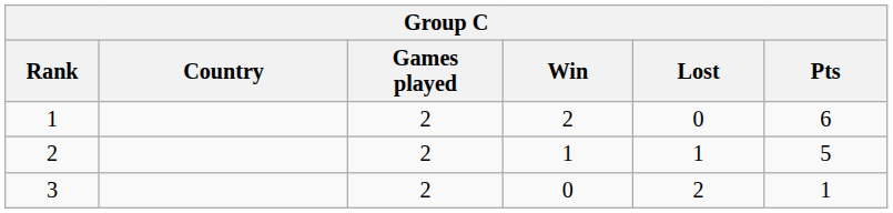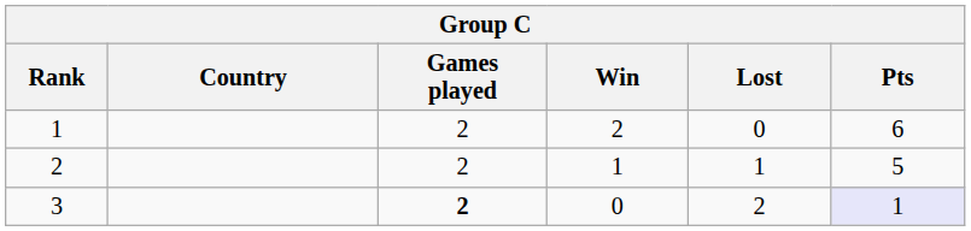 <table class="wikitable" style= "text-align: center; Width:50%">
 <tr>
 <th colspan= 6>Group C</th>
 </tr>
 <tr>
 <th width=2%>Rank</th>
 <th width=10%>Country</th>
 <th width=5%>Games <br> played</th>
 <th width=5%>Win</th>
 <th width=5%>Lost</th>
 <th width=5%>Pts</th>
 </tr>
 <tr>
 <td>1</td>
 <td style= "text-align: left"></td>
 <td>2</td>
 <td>2</td>
 <td>0</td>
 <td>6</td>
 </tr>
 <tr>
 <td>2</td>
 <td style= "text-align: left"></td>
 <td>2</td>
 <td>1</td>
 <td>1</td>
 <td>5</td>
 </tr>
 <tr>
 <td>3</td>
 <td style= "text-align: left"></td>
-<td>2</td>
+<td><strong>2</strong></td>
 <td>0</td>
 <td>2</td>
-<td>1</td>
+<td style="background: lavender;">1</td>
 </tr>
 </table>
